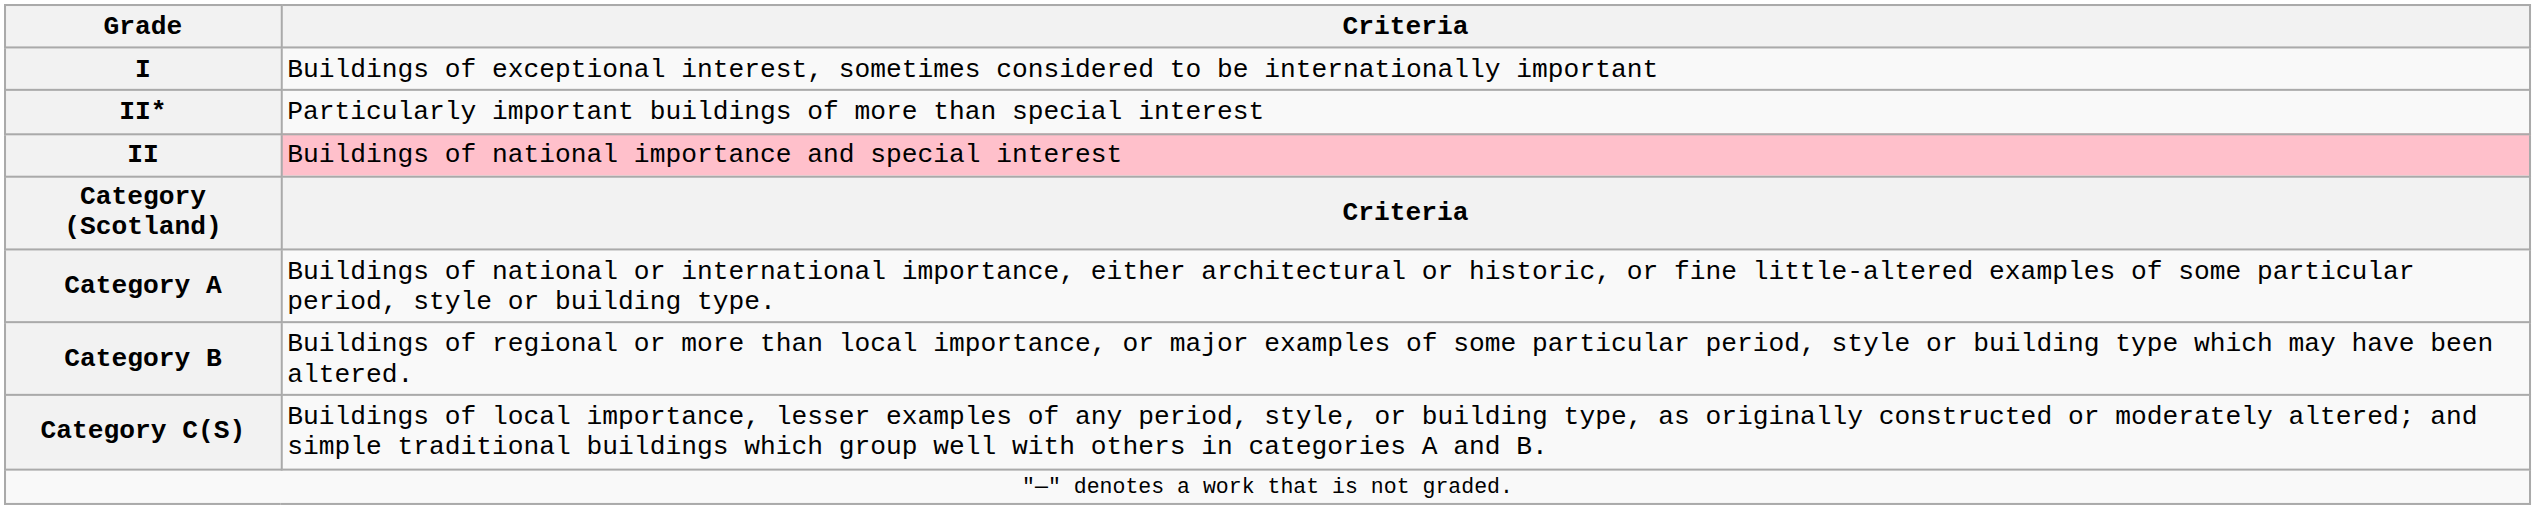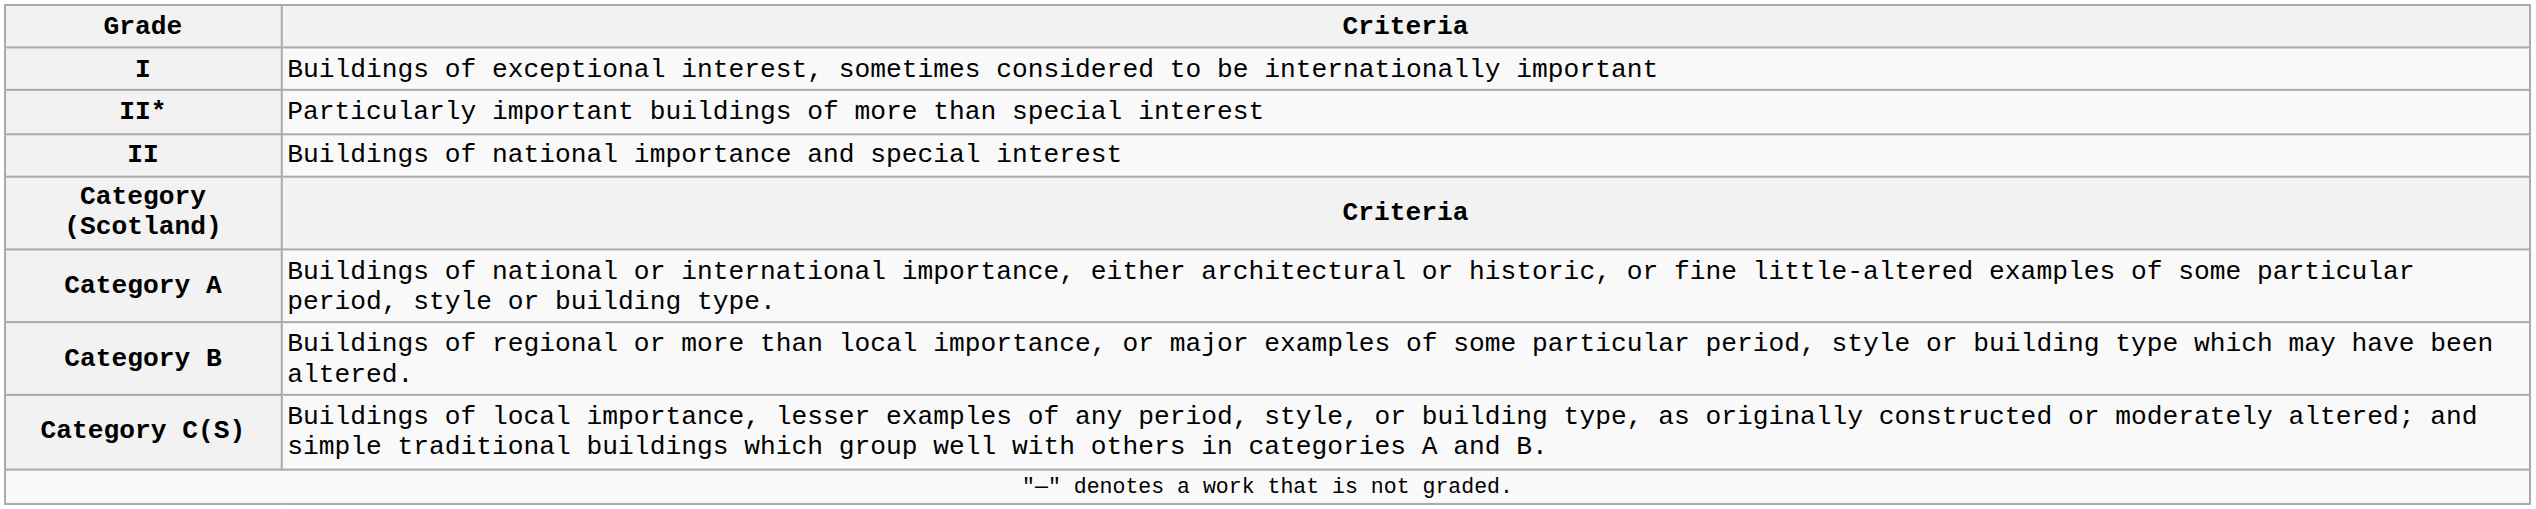 <table class="wikitable" border="1">
 <tr>
 <th>Grade</th>
 <th>Criteria</th>
 </tr>
 <tr>
 <th>I</th>
 <td>Buildings of exceptional interest, sometimes considered to be internationally important</td>
 </tr>
 <tr>
 <th>II*</th>
 <td>Particularly important buildings of more than special interest</td>
 </tr>
 <tr>
 <th>II</th>
-<td style="background: pink;">Buildings of national importance and special interest</td>
+<td>Buildings of national importance and special interest</td>
 </tr>
 <tr>
 <th>Category (Scotland)</th>
 <th>Criteria</th>
 </tr>
 <tr>
 <th>Category A</th>
 <td>Buildings of national or international importance, either architectural or historic, or fine little-altered examples of some particular period, style or building type.</td>
 </tr>
 <tr>
 <th>Category B</th>
 <td>Buildings of regional or more than local importance, or major examples of some particular period, style or building type which may have been altered.</td>
 </tr>
 <tr>
 <th>Category C(S)</th>
 <td>Buildings of local importance, lesser examples of any period, style, or building type, as originally constructed or moderately altered; and simple traditional buildings which group well with others in categories A and B.</td>
 </tr>
 <tr>
 <td align="center" colspan="14" style="font-size: 8pt">"—" denotes a work that is not graded.</td>
 </tr>
 </table>
